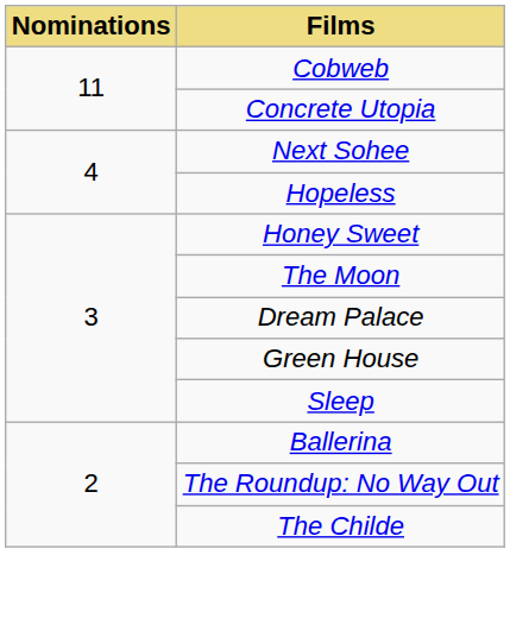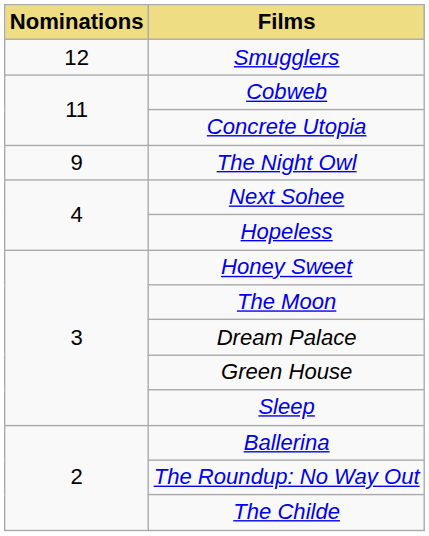 <table class="wikitable" align="center" style="text-align: center">
 <tr>
 <th style="background:#EEDD82; text-align:center">Nominations</th>
 <th style="background:#EEDD82; text-align:center">Films</th>
+</tr>
+<tr>
+<td style="text-align:center">12</td>
+<td><em><a href='#'>Smugglers</a></em></td>
 </tr>
 <tr>
 <td rowspan=2 style="text-align:center">11</td>
 <td><em><a href='#'>Cobweb</a></em></td>
 </tr>
 <tr>
 <td><em><a href='#'>Concrete Utopia</a></em></td>
+</tr>
+<tr>
+<td style="text-align:center">9</td>
+<td><em><a href='#'>The Night Owl</a></em></td>
 </tr>
 <tr>
 <td rowspan=2 style="text-align:center">4</td>
 <td><em><a href='#'>Next Sohee</a></em></td>
 </tr>
 <tr>
 <td><em><a href='#'>Hopeless</a></em></td>
 </tr>
 <tr>
 <td rowspan=5 style="text-align:center">3</td>
 <td><em><a href='#'>Honey Sweet</a></em></td>
 </tr>
 <tr>
 <td><em><a href='#'>The Moon</a></em></td>
 </tr>
 <tr>
 <td><em>Dream Palace</em></td>
 </tr>
 <tr>
 <td><em>Green House</em></td>
 </tr>
 <tr>
 <td><em><a href='#'>Sleep</a></em></td>
 </tr>
 <tr>
 <td rowspan=3 style="text-align:center">2</td>
 <td><em><a href='#'>Ballerina</a></em></td>
 </tr>
 <tr>
 <td><em><a href='#'>The Roundup: No Way Out</a></em></td>
 </tr>
 <tr>
 <td><em><a href='#'>The Childe</a></em></td>
 </tr>
 </table>
